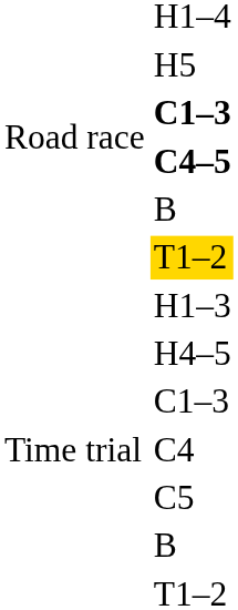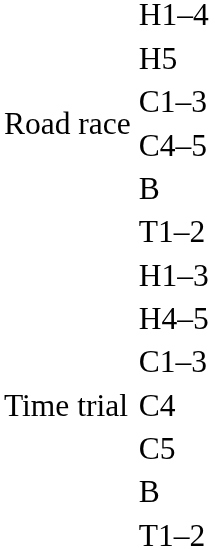 <table>
 <tr>
 <td rowspan=6>Road race<br></td>
 <td>H1–4</td>
 <td></td>
 <td></td>
 <td></td>
 </tr>
 <tr>
 <td>H5</td>
 <td></td>
 <td></td>
 <td></td>
 </tr>
 <tr>
-<td><strong>C1–3</strong></td>
+<td>C1–3</td>
 <td></td>
 <td></td>
 <td></td>
 </tr>
 <tr>
-<td><strong>C4–5</strong></td>
+<td>C4–5</td>
 <td></td>
 <td></td>
 <td></td>
 </tr>
 <tr>
 <td>B</td>
 <td></td>
 <td></td>
 <td></td>
 </tr>
 <tr>
-<td style="background: gold;">T1–2</td>
+<td>T1–2</td>
 <td></td>
 <td></td>
 <td></td>
 </tr>
 <tr>
 <td rowspan=7>Time trial<br></td>
 <td>H1–3</td>
 <td></td>
 <td></td>
 <td></td>
 </tr>
 <tr>
 <td>H4–5</td>
 <td></td>
 <td></td>
 <td></td>
 </tr>
 <tr>
 <td>C1–3</td>
 <td></td>
 <td></td>
 <td></td>
 </tr>
 <tr>
 <td>C4</td>
 <td></td>
 <td></td>
 <td></td>
 </tr>
 <tr>
 <td>C5</td>
 <td></td>
 <td></td>
 <td></td>
 </tr>
 <tr>
 <td>B</td>
 <td></td>
 <td></td>
 <td></td>
 </tr>
 <tr>
 <td>T1–2</td>
 <td></td>
 <td></td>
 <td></td>
 </tr>
 </table>
